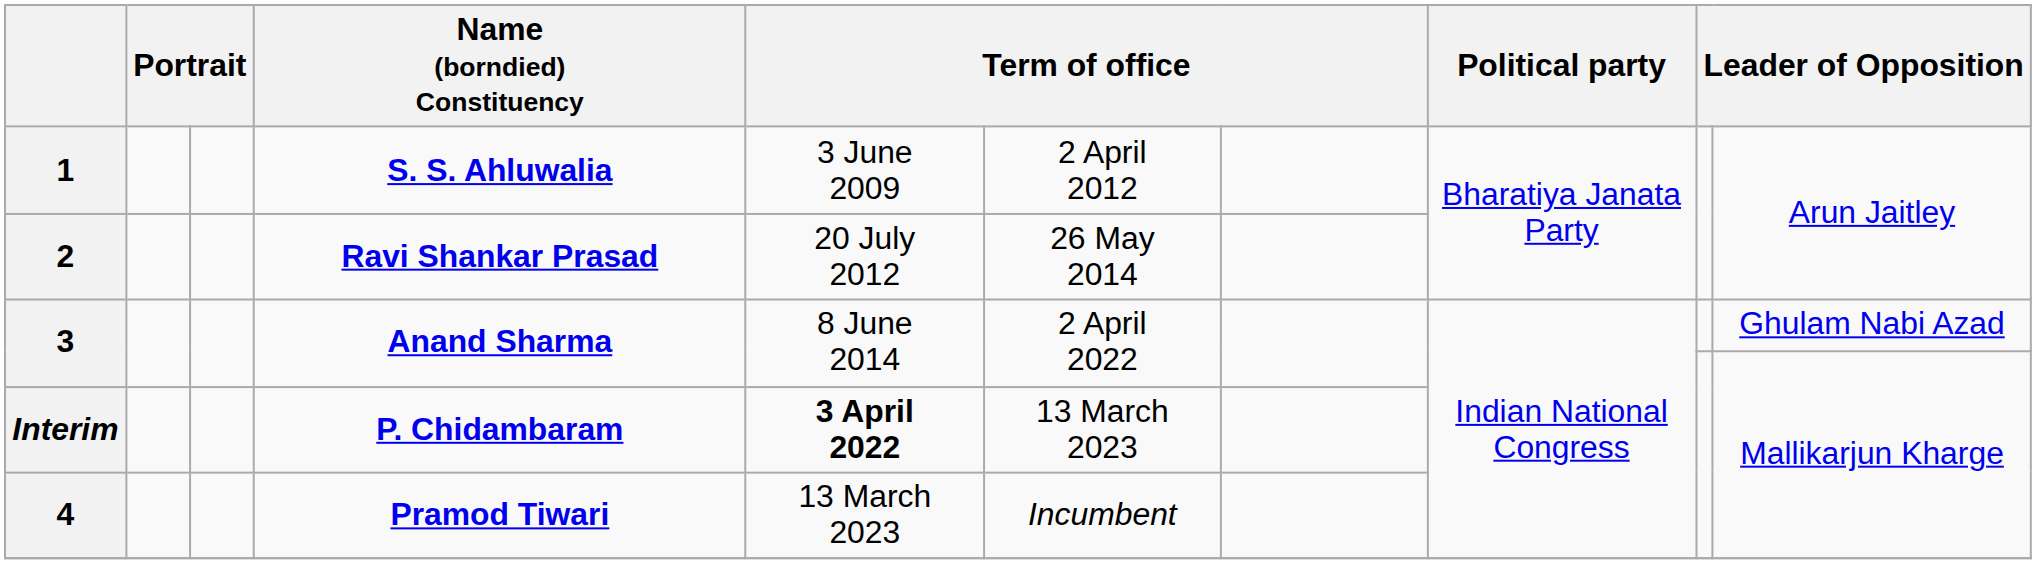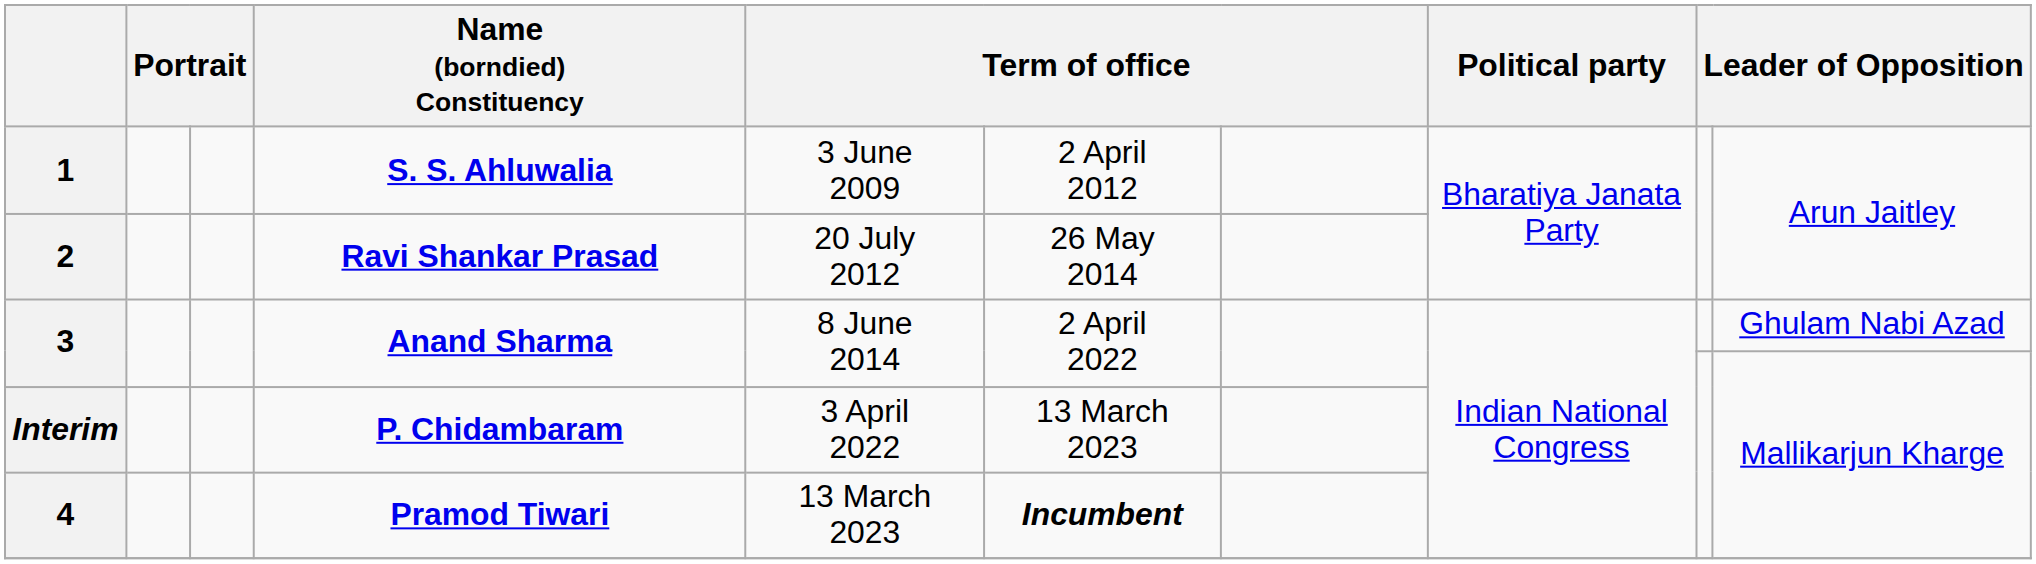 <table class=wikitable style="text-align:center">
 <tr>
 <th></th>
 <th colspan="2">Portrait</th>
 <th style="width:15em">Name<br><small>(borndied)<br>Constituency</small></th>
 <th colspan="3">Term of office</th>
 <th style="width:8em">Political party</th>
 <th colspan="2">Leader of Opposition</th>
 </tr>
 <tr>
 <th>1</th>
 <td></td>
 <td></td>
 <td><strong><a href='#'>S. S. Ahluwalia</a></strong><br></td>
 <td>3 June<br>2009</td>
 <td>2 April<br>2012</td>
 <td><strong></strong></td>
 <td rowspan="2"><a href='#'>Bharatiya Janata Party</a></td>
 <td rowspan="2"></td>
 <td rowspan="2"><a href='#'>Arun Jaitley</a></td>
 </tr>
 <tr>
 <th>2</th>
 <td></td>
 <td></td>
 <td><strong><a href='#'>Ravi Shankar Prasad</a></strong><br></td>
 <td>20 July<br>2012</td>
 <td>26 May<br>2014</td>
 <td><strong></strong></td>
 </tr>
 <tr>
 <th rowspan="2">3</th>
 <td rowspan="2"></td>
 <td rowspan="2"></td>
 <td rowspan="2"><strong><a href='#'>Anand Sharma</a></strong><br></td>
 <td rowspan="2" style="width:7em">8 June<br>2014</td>
 <td rowspan="2" style="width:7em">2 April<br>2022</td>
 <td rowspan="2" style="width:6em"><strong></strong></td>
 <td rowspan="4"><a href='#'>Indian National Congress</a></td>
 <td></td>
 <td><a href='#'>Ghulam Nabi Azad</a></td>
 </tr>
 <tr>
 <td rowspan="3"></td>
 <td rowspan="3"><a href='#'>Mallikarjun Kharge</a></td>
 </tr>
 <tr>
 <th><em>Interim</em></th>
 <td></td>
 <td></td>
 <td><strong><a href='#'>P. Chidambaram</a></strong><br></td>
-<td><strong>3 April<br>2022</strong></td>
+<td>3 April<br>2022</td>
 <td>13 March<br>2023</td>
 <td><strong></strong></td>
 </tr>
 <tr>
 <th>4</th>
 <td></td>
 <td></td>
 <td><strong><a href='#'>Pramod Tiwari</a></strong><br></td>
 <td>13 March<br>2023</td>
-<td><em>Incumbent</em></td>
+<td><strong><em>Incumbent</em></strong></td>
 <td><strong></strong></td>
 </tr>
 <tr>
 </tr>
 </table>
